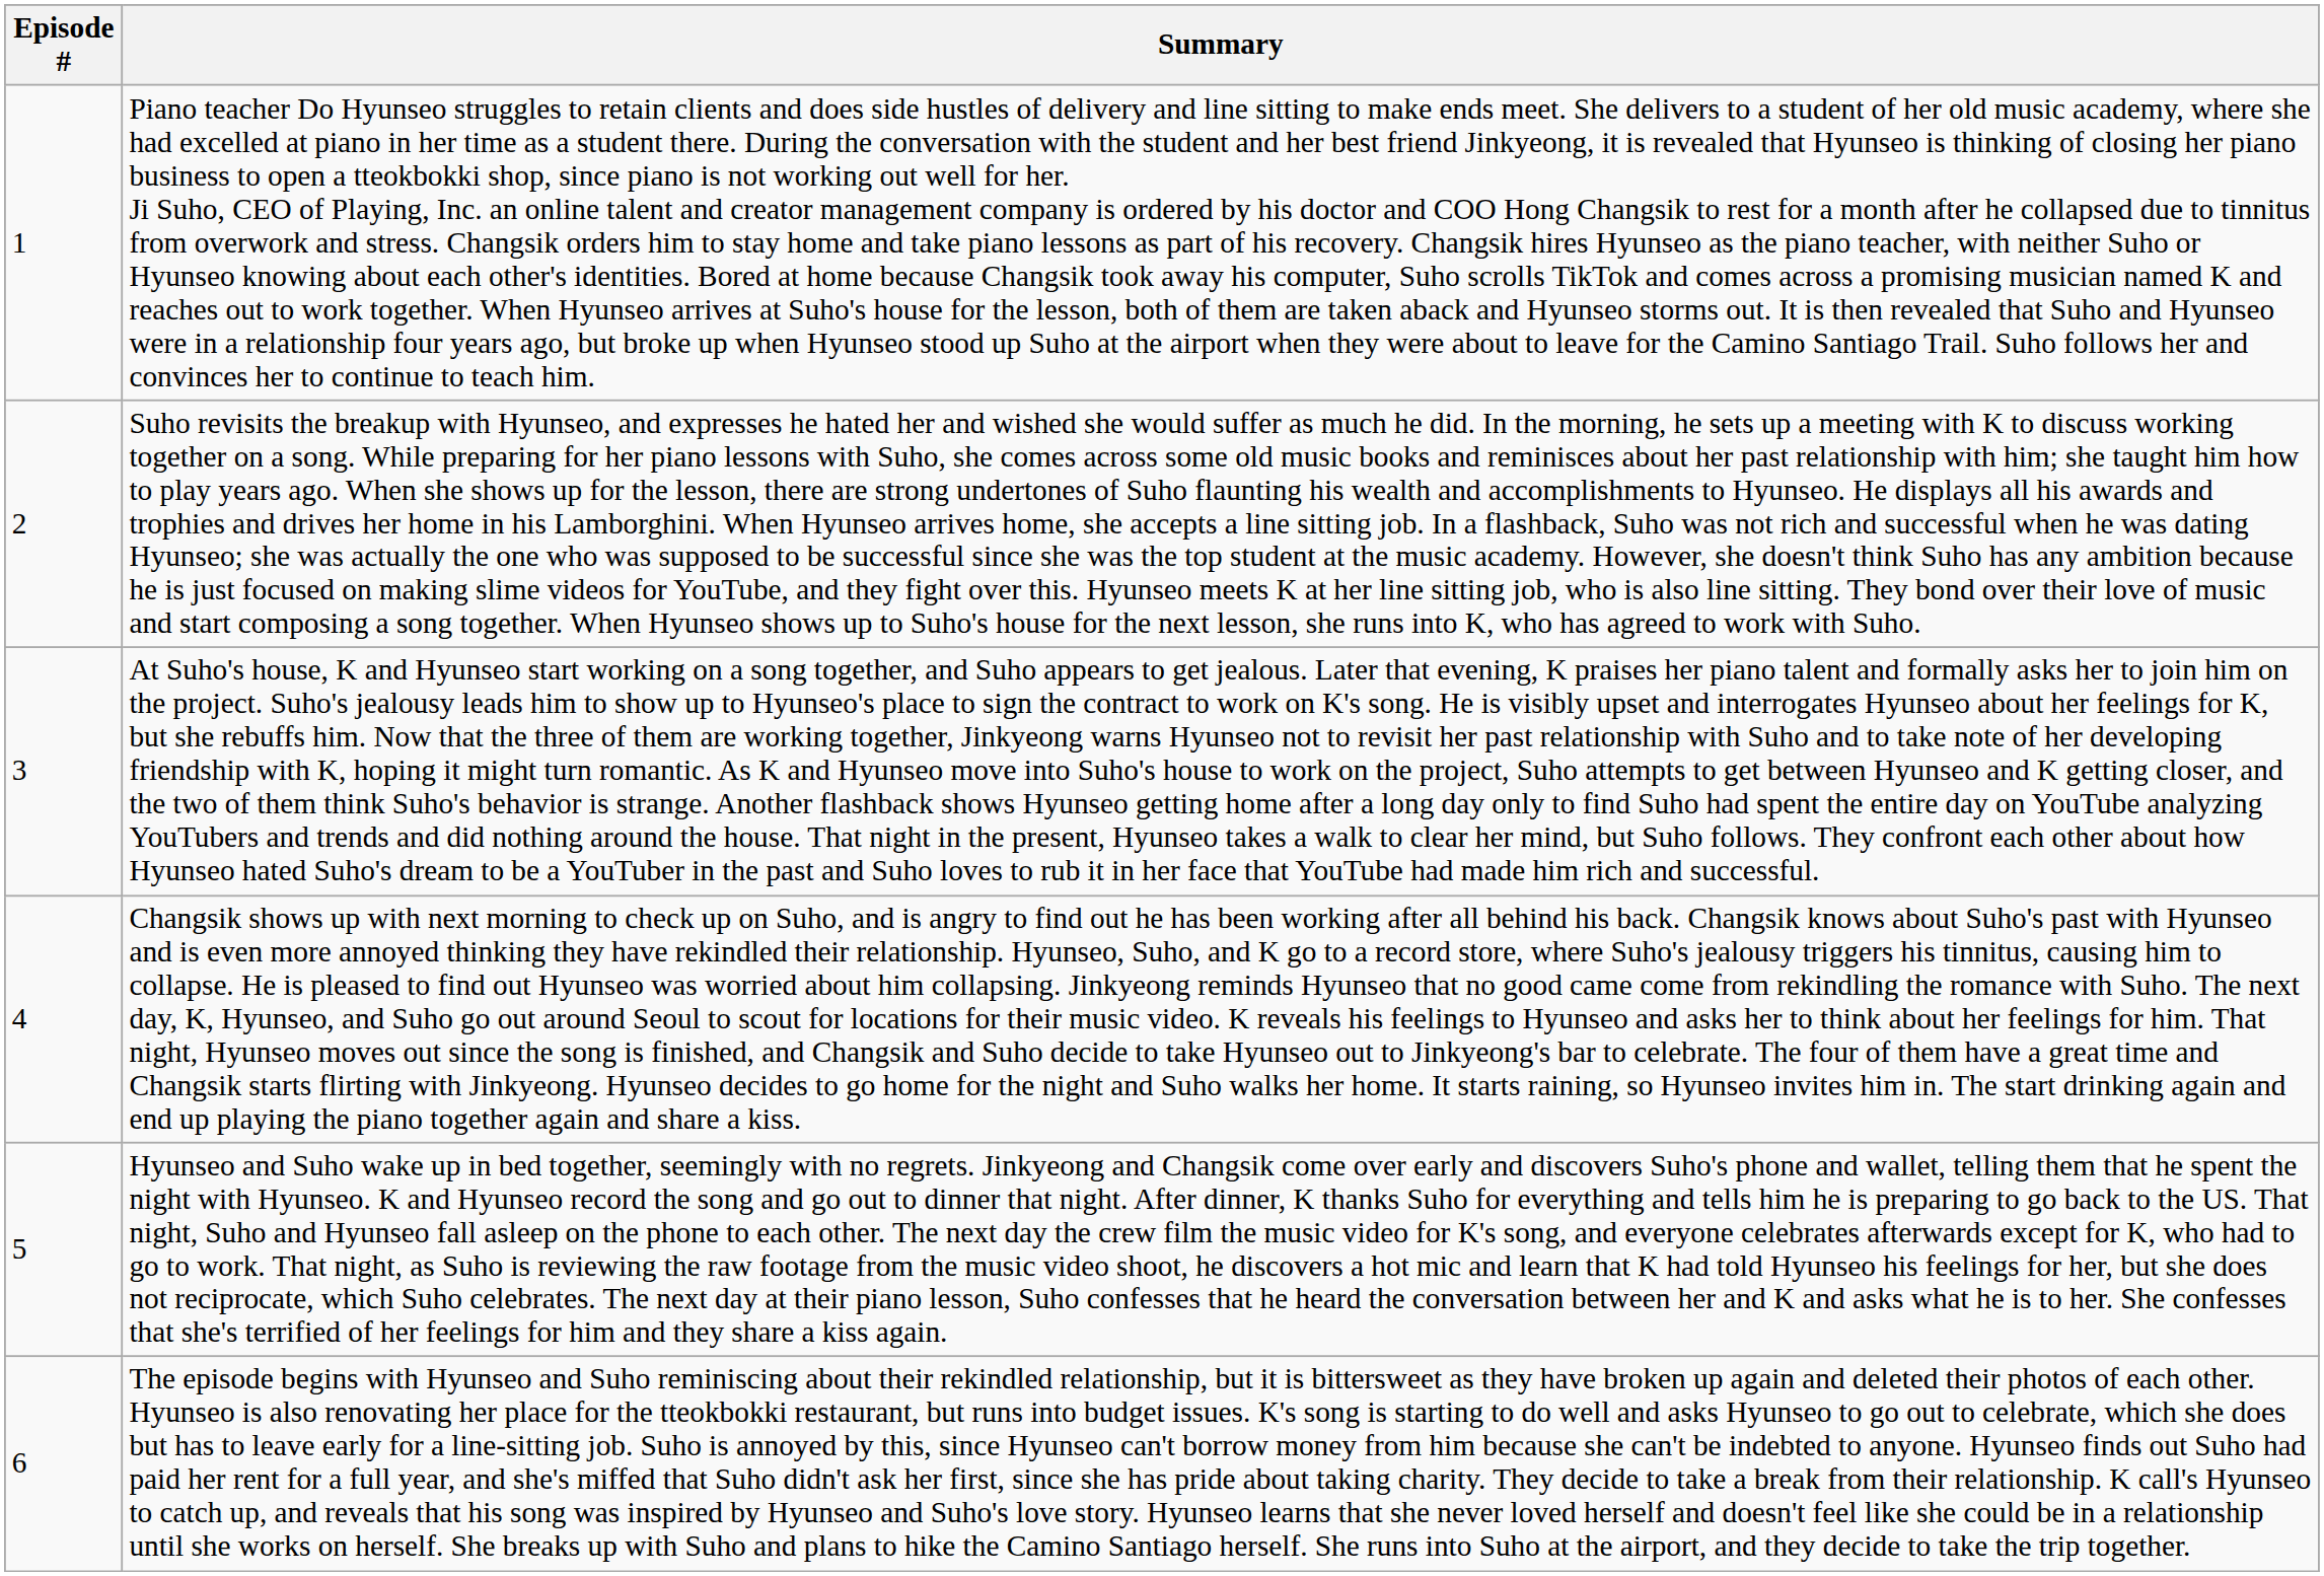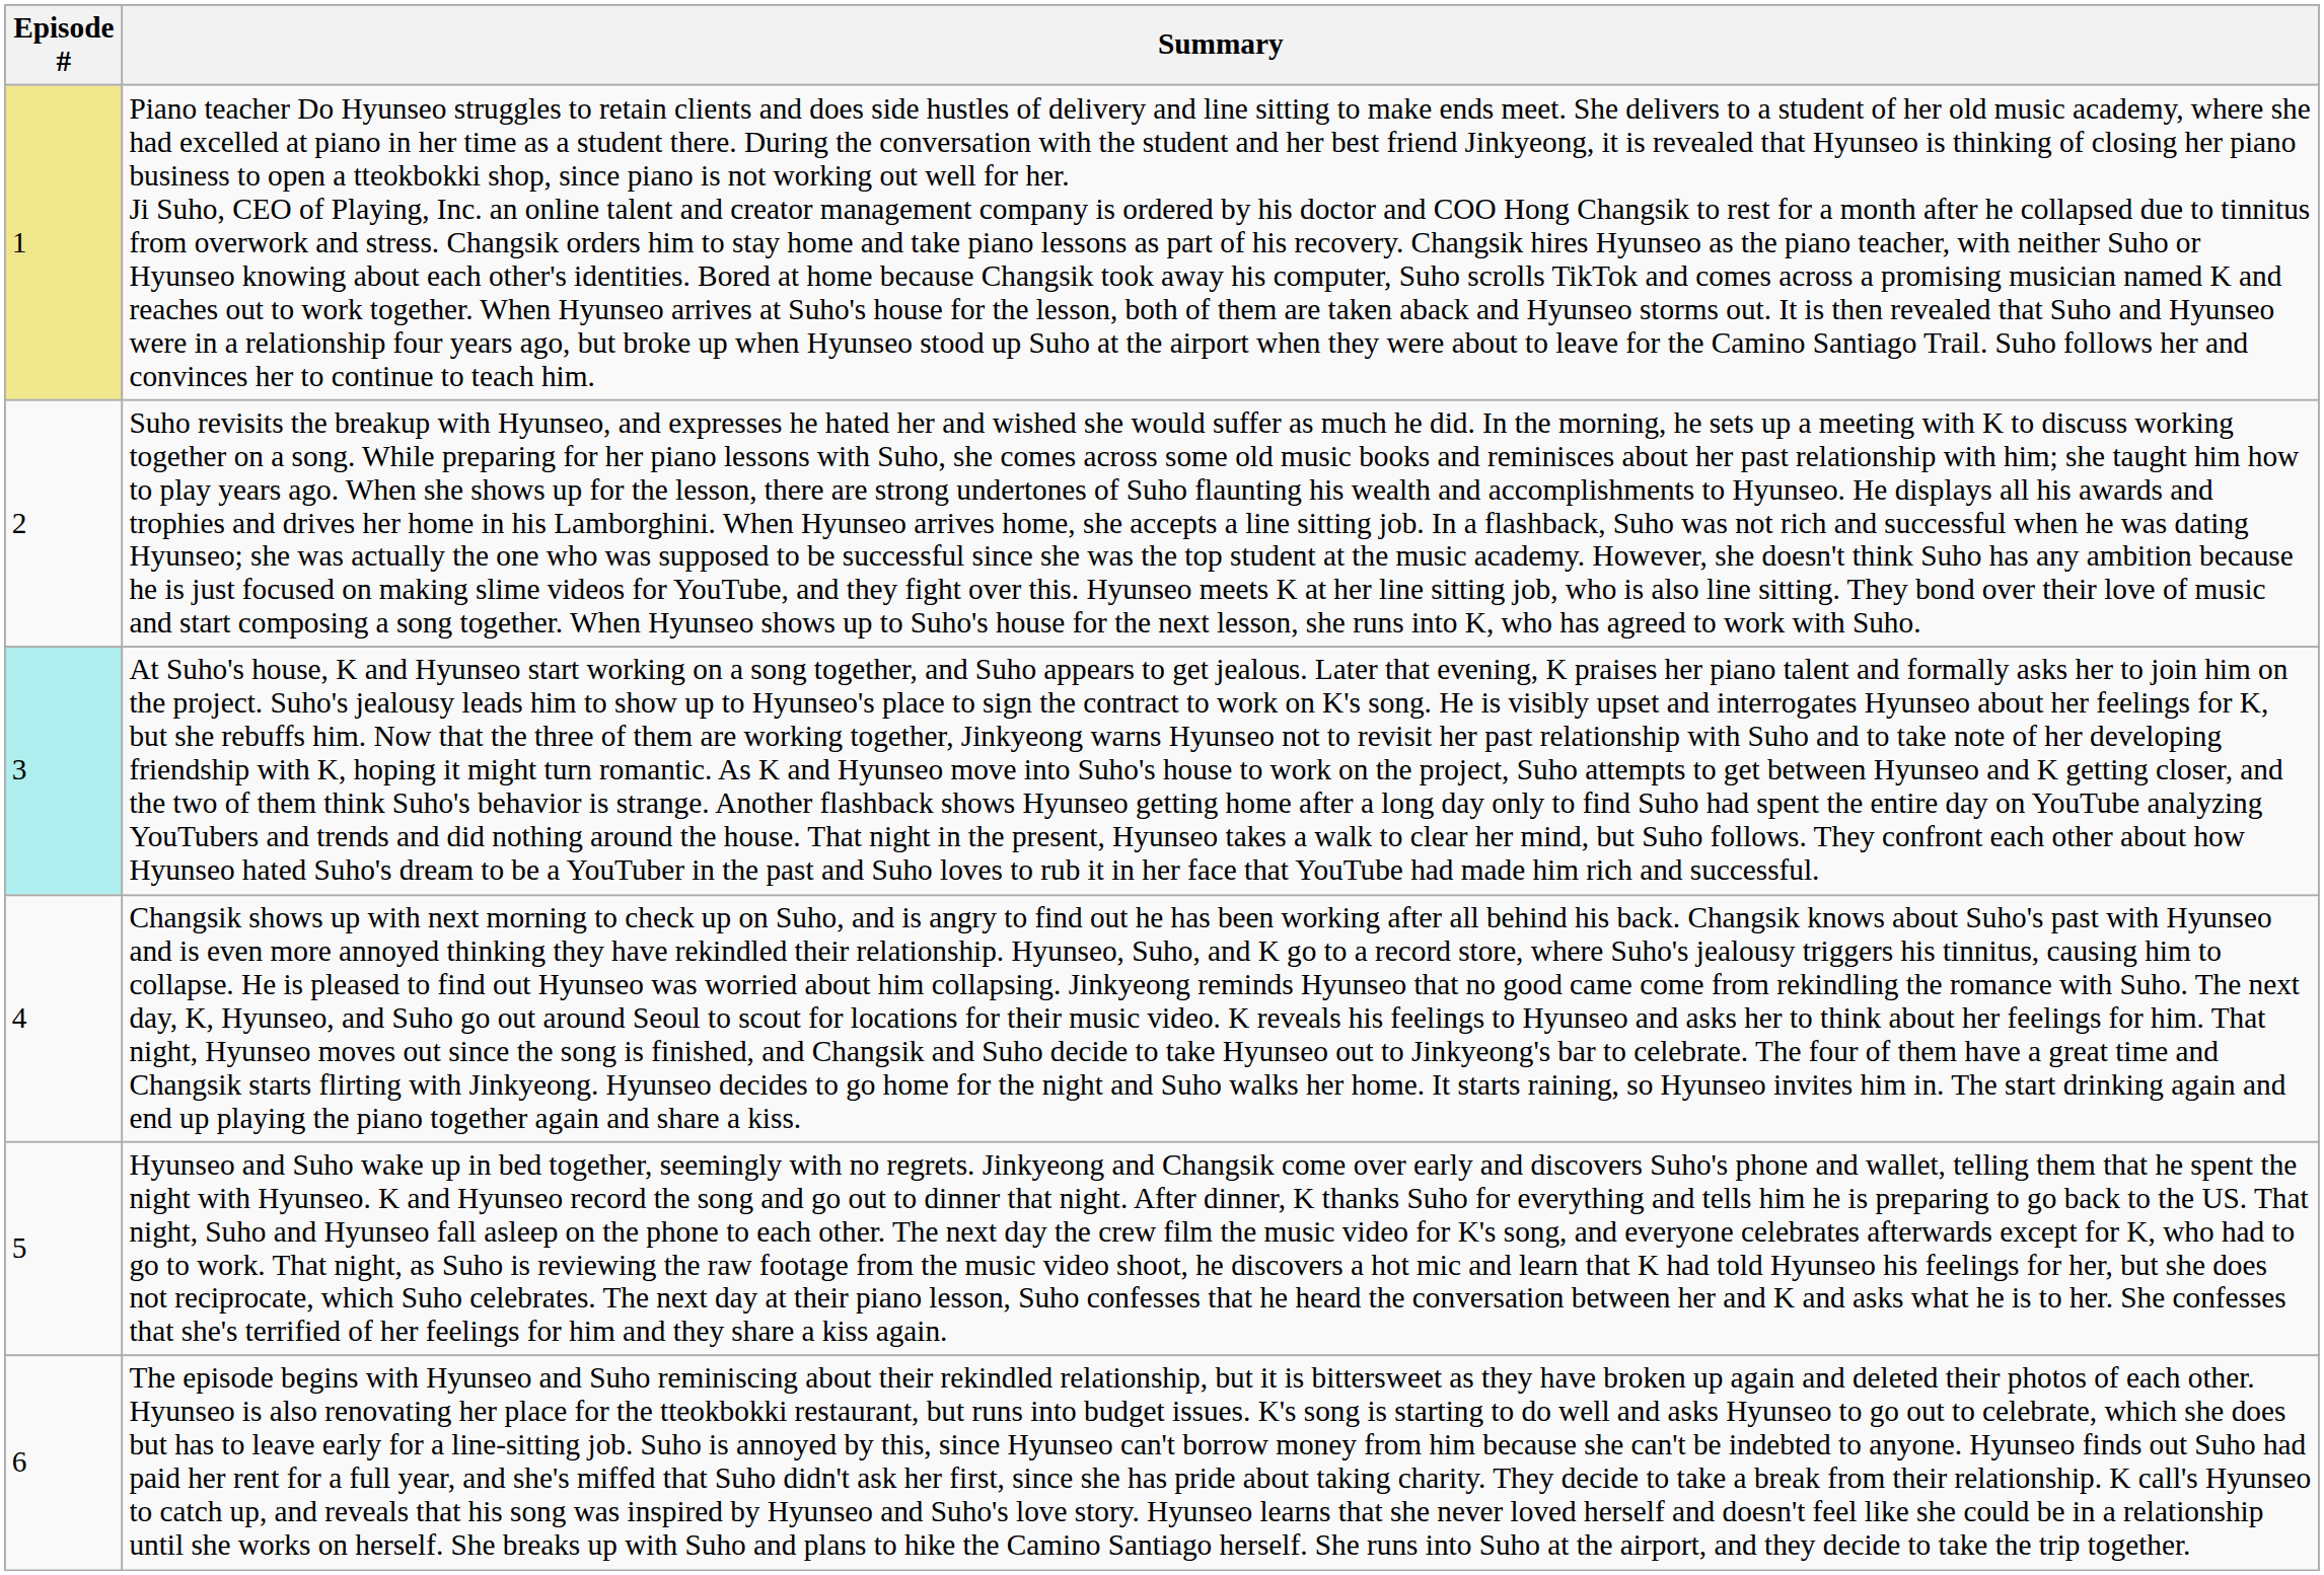 <table class="wikitable">
 <tr>
 <th>Episode #</th>
 <th>Summary</th>
 </tr>
 <tr>
-<td>1</td>
+<td style="background: khaki;">1</td>
 <td>Piano teacher Do Hyunseo struggles to retain clients and does side hustles of delivery and line sitting to make ends meet.  She delivers to a student of her old music academy, where she had excelled at piano in her time as a student there.  During the conversation with the student and her best friend Jinkyeong, it is revealed that Hyunseo is thinking of closing her piano business to open a tteokbokki shop, since piano is not working out well for her.<br>Ji Suho, CEO of Playing, Inc. an online talent and creator management company is ordered by his doctor and COO Hong Changsik to rest for a month after he collapsed due to tinnitus from overwork and stress.  Changsik orders him to stay home and take piano lessons as part of his recovery.  Changsik hires Hyunseo as the piano teacher, with neither Suho or Hyunseo knowing about each other's identities.  Bored at home because Changsik took away his computer, Suho scrolls TikTok and comes across a promising musician named K and reaches out to work together.  When Hyunseo arrives at Suho's house for the lesson, both of them are taken aback and Hyunseo storms out.  It is then revealed that Suho and Hyunseo were in a relationship four years ago, but broke up when Hyunseo stood up Suho at the airport when they were about to leave for the Camino Santiago Trail.  Suho follows her and convinces her to continue to teach him.</td>
 </tr>
 <tr>
 <td>2</td>
 <td>Suho revisits the breakup with Hyunseo, and expresses he hated her and wished she would suffer as much he did.  In the morning, he sets up a meeting with K to discuss working together on a song.  While preparing for her piano lessons with Suho, she comes across some old music books and reminisces about her past relationship with him; she taught him how to play years ago.  When she shows up for the lesson, there are strong undertones of Suho flaunting his wealth and accomplishments to Hyunseo.  He displays all his awards and trophies and drives her home in his Lamborghini.  When Hyunseo arrives home, she accepts a line sitting job.  In a flashback, Suho was not rich and successful when he was dating Hyunseo; she was actually the one who was supposed to be successful since she was the top student at the music academy.  However, she doesn't think Suho has any ambition because he is just focused on making slime videos for YouTube, and they fight over this.  Hyunseo meets K at her line sitting job, who is also line sitting.  They bond over their love of music and start composing a song together.  When Hyunseo shows up to Suho's house for the next lesson, she runs into K, who has agreed to work with Suho.</td>
 </tr>
 <tr>
-<td>3</td>
+<td style="background: paleturquoise;">3</td>
 <td>At Suho's house, K and Hyunseo start working on a song together, and Suho appears to get jealous.  Later that evening, K praises her piano talent and formally asks her to join him on the project.  Suho's jealousy leads him to show up to Hyunseo's place to sign the contract to work on K's song.  He is visibly upset and interrogates Hyunseo about her feelings for K, but she rebuffs him.  Now that the three of them are working together, Jinkyeong warns Hyunseo not to revisit her past relationship with Suho and to take note of her developing friendship with K, hoping it might turn romantic.  As K and Hyunseo move into Suho's house to work on the project, Suho attempts to get between Hyunseo and K getting closer, and the two of them think Suho's behavior is strange.  Another flashback shows Hyunseo getting home after a long day only to find Suho had spent the entire day on YouTube analyzing YouTubers and trends and did nothing around the house.  That night in the present, Hyunseo takes a walk to clear her mind, but Suho follows.  They confront each other about how Hyunseo hated Suho's dream to be a YouTuber in the past and Suho loves to rub it in her face that YouTube had made him rich and successful.</td>
 </tr>
 <tr>
 <td>4</td>
 <td>Changsik shows up with next morning to check up on Suho, and is angry to find out he has been working after all behind his back.  Changsik knows about Suho's past with Hyunseo and is even more annoyed thinking they have rekindled their relationship.  Hyunseo, Suho, and K go to a record store, where Suho's jealousy triggers his tinnitus, causing him to collapse.  He is pleased to find out Hyunseo was worried about him collapsing.  Jinkyeong reminds Hyunseo that no good came come from rekindling the romance with Suho.  The next day, K, Hyunseo, and Suho go out around Seoul to scout for locations for their music video.  K reveals his feelings to Hyunseo and asks her to think about her feelings for him.  That night, Hyunseo moves out since the song is finished, and Changsik and Suho decide to take Hyunseo out to Jinkyeong's bar to celebrate.  The four of them have a great time and Changsik starts flirting with Jinkyeong.  Hyunseo decides to go home for the night and Suho walks her home.  It starts raining, so Hyunseo invites him in.  The start drinking again and end up playing the piano together again and share a kiss.</td>
 </tr>
 <tr>
 <td>5</td>
 <td>Hyunseo and Suho wake up in bed together, seemingly with no regrets.  Jinkyeong and Changsik come over early and discovers Suho's phone and wallet, telling them that he spent the night with Hyunseo.  K and Hyunseo record the song and go out to dinner that night.  After dinner, K thanks Suho for everything and tells him he is preparing to go back to the US.  That night, Suho and Hyunseo fall asleep on the phone to each other.  The next day the crew film the music video for K's song, and everyone celebrates afterwards except for K, who had to go to work.  That night, as Suho is reviewing the raw footage from the music video shoot, he discovers a hot mic and learn that K had told Hyunseo his feelings for her, but she does not reciprocate, which Suho celebrates.  The next day at their piano lesson, Suho confesses that he heard the conversation between her and K and asks what he is to her.  She confesses that she's terrified of her feelings for him and they share a kiss again.</td>
 </tr>
 <tr>
 <td>6</td>
 <td>The episode begins with Hyunseo and Suho reminiscing about their rekindled relationship, but it is bittersweet as they have broken up again and deleted their photos of each other.  Hyunseo is also renovating her place for the tteokbokki restaurant, but runs into budget issues.  K's song is starting to do well and asks Hyunseo to go out to celebrate, which she does but has to leave early for a line-sitting job.  Suho is annoyed by this, since Hyunseo can't borrow money from him because she can't be indebted to anyone.  Hyunseo finds out Suho had paid her rent for a full year, and she's miffed that Suho didn't ask her first, since she has pride about taking charity.  They decide to take a break from their relationship.  K call's Hyunseo to catch up, and reveals that his song was inspired by Hyunseo and Suho's love story.  Hyunseo learns that she never loved herself and doesn't feel like she could be in a relationship until she works on herself.  She breaks up with Suho and plans to hike the Camino Santiago herself.  She runs into Suho at the airport, and they decide to take the trip together.</td>
 </tr>
 </table>
